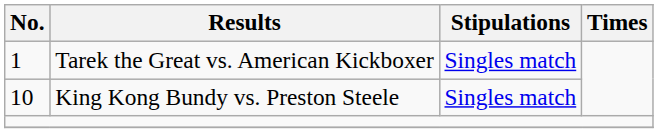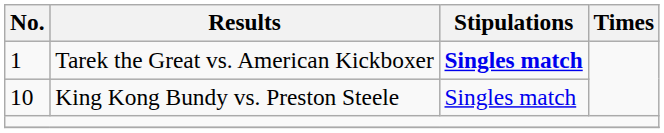 <table class="wikitable">
 <tr>
 <th><strong>No.</strong></th>
 <th><strong>Results</strong></th>
 <th><strong>Stipulations</strong></th>
 <th><strong>Times</strong></th>
 </tr>
 <tr>
 <td>1</td>
 <td>Tarek the Great vs. American Kickboxer</td>
-<td><a href='#'>Singles match</a></td>
+<td><strong><a href='#'>Singles match</a></strong></td>
 </tr>
 <tr>
 <td>10</td>
 <td>King Kong Bundy vs. Preston Steele</td>
 <td><a href='#'>Singles match</a></td>
 </tr>
 <tr>
 <td colspan="4"></td>
 </tr>
 <tr>
 </tr>
 </table>
